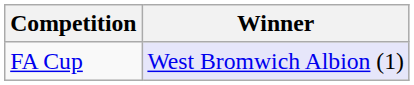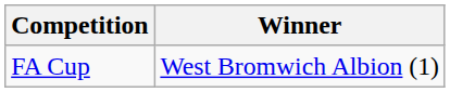 <table class="wikitable">
 <tr>
 <th>Competition</th>
 <th>Winner</th>
 </tr>
 <tr>
 <td><a href='#'>FA Cup</a></td>
-<td style="background: lavender;"><a href='#'>West Bromwich Albion</a> (1)</td>
+<td><a href='#'>West Bromwich Albion</a> (1)</td>
 </tr>
 </table>
